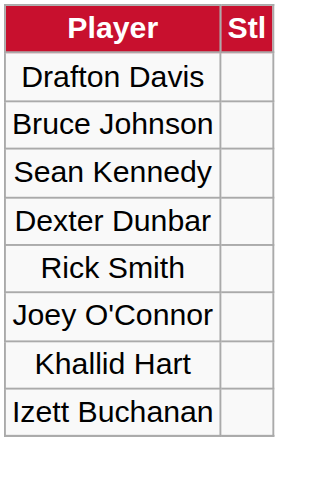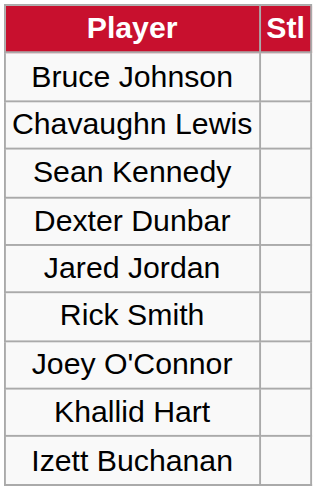 <table class="wikitable sortable" style="text-align:center">
 <tr>
 <th style="background:#C8102E; color:#FFFFFF;">Player</th>
 <th style="background:#C8102E; color:#FFFFFF;">Stl</th>
 </tr>
 <tr>
-<td>Drafton Davis</td>
+<td>Bruce Johnson</td>
 <td></td>
 </tr>
 <tr>
-<td>Bruce Johnson</td>
+<td>Chavaughn Lewis</td>
 <td></td>
 </tr>
 <tr>
 <td>Sean Kennedy</td>
 <td></td>
 </tr>
 <tr>
 <td>Dexter Dunbar</td>
+<td></td>
+</tr>
+<tr>
+<td>Jared Jordan</td>
 <td></td>
 </tr>
 <tr>
 <td>Rick Smith</td>
 <td></td>
 </tr>
 <tr>
 <td>Joey O'Connor</td>
 <td></td>
 </tr>
 <tr>
 <td>Khallid Hart</td>
 <td></td>
 </tr>
 <tr>
 <td>Izett Buchanan</td>
 <td></td>
 </tr>
 <tr>
 </tr>
 </table>
